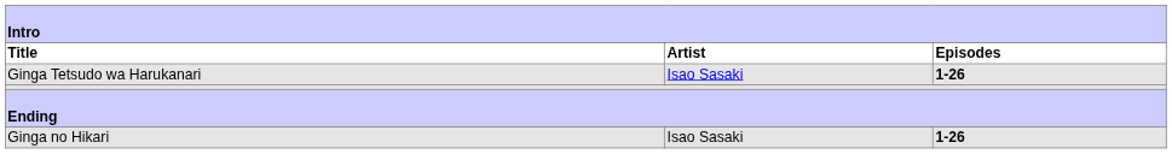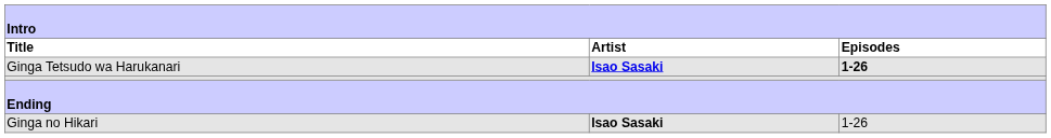 <table border="1px solid" style="border-collapse: collapse;" cellspacing="2px" cellpadding="2px" width="100%">
 <tr bgcolor="#ccccff">
 <td colspan=4><br><strong>Intro</strong></td>
 </tr>
 <tr>
 <td><strong>Title</strong></td>
 <td><strong>Artist</strong></td>
 <td><strong>Episodes</strong></td>
 </tr>
 <tr bgcolor="#e5e5e5">
 <td>Ginga Tetsudo wa Harukanari</td>
-<td><a href='#'>Isao Sasaki</a></td>
+<td><strong><a href='#'>Isao Sasaki</a></strong></td>
 <td><strong>1-26</strong></td>
 </tr>
 <tr bgcolor="#e5e5e5">
 <td colspan=4></td>
 </tr>
 <tr bgcolor="#ccccff">
 <td colspan=4><br><strong>Ending</strong></td>
 </tr>
 <tr bgcolor="#e5e5e5">
 <td>Ginga no Hikari</td>
-<td>Isao Sasaki</td>
-<td><strong>1-26</strong></td>
+<td><strong>Isao Sasaki</strong></td>
+<td>1-26</td>
 </tr>
 </table>
